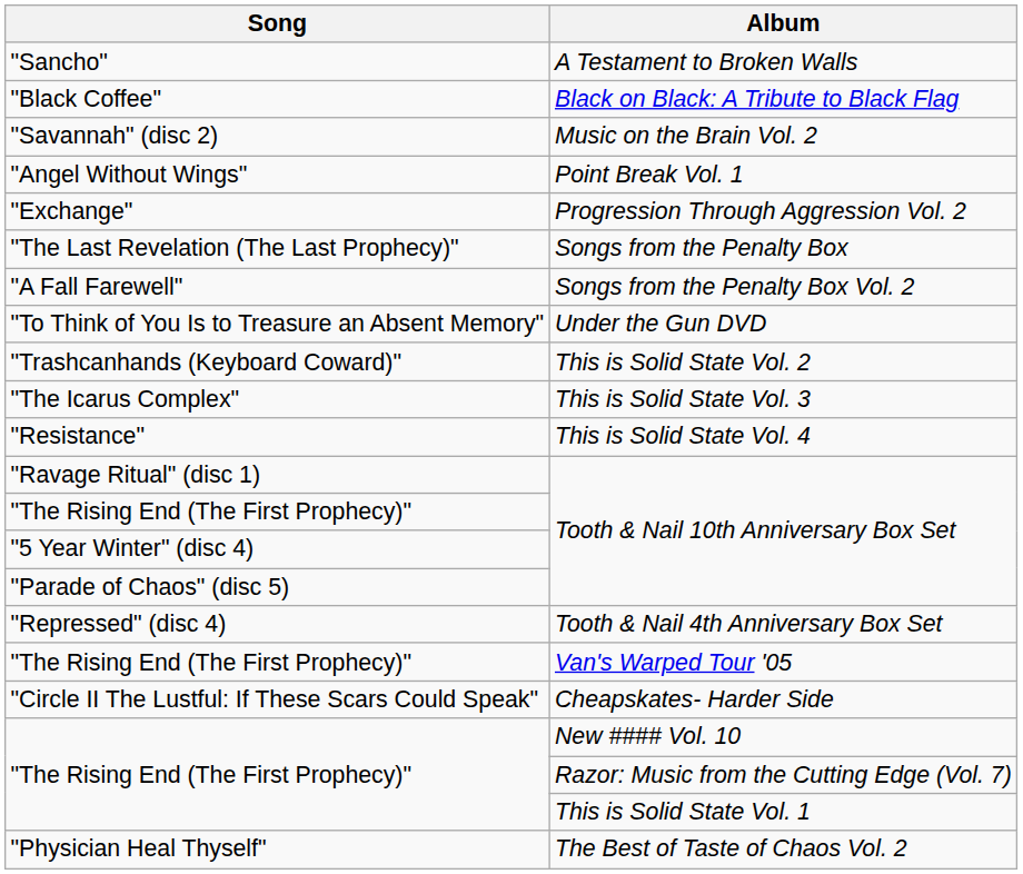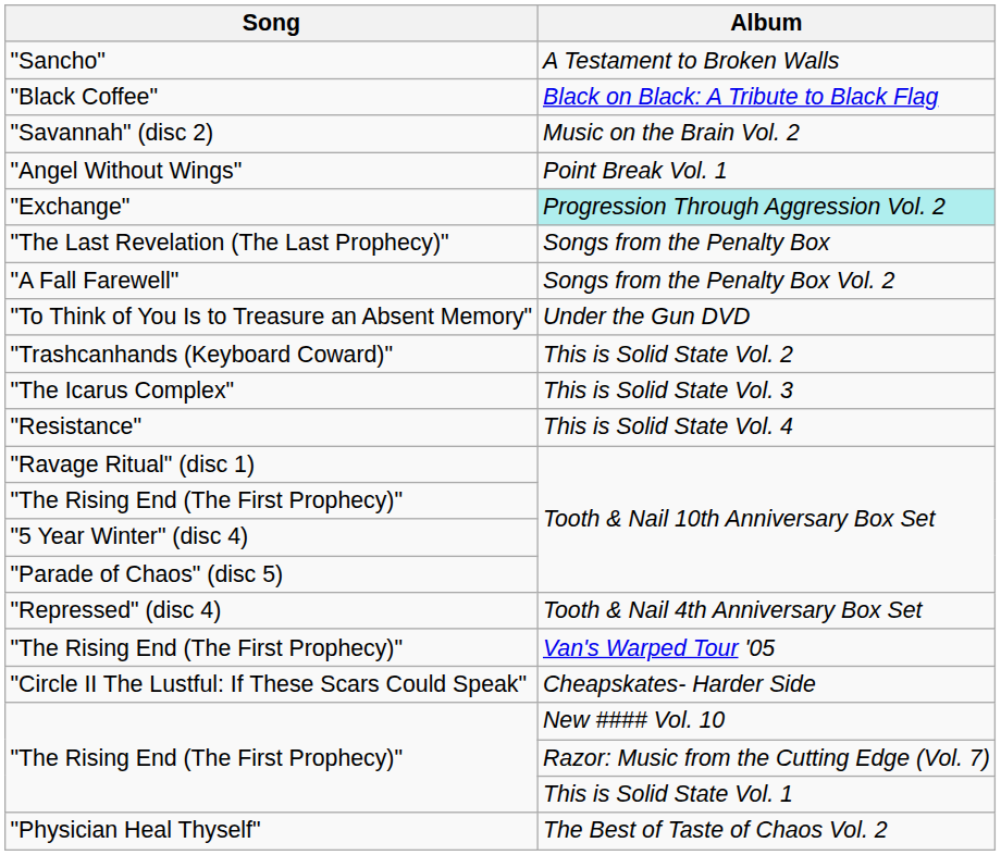 <table class=wikitable>
 <tr>
 <th>Song</th>
 <th>Album</th>
 </tr>
 <tr>
 <td>"Sancho"</td>
 <td><em>A Testament to Broken Walls</em></td>
 </tr>
 <tr>
 <td>"Black Coffee"</td>
 <td><em><a href='#'>Black on Black: A Tribute to Black Flag</a></em></td>
 </tr>
 <tr>
 <td>"Savannah" (disc 2)</td>
 <td><em>Music on the Brain Vol. 2</em></td>
 </tr>
 <tr>
 <td>"Angel Without Wings"</td>
 <td><em>Point Break Vol. 1</em></td>
 </tr>
 <tr>
 <td>"Exchange"</td>
-<td><em>Progression Through Aggression Vol. 2</em></td>
+<td style="background: paleturquoise;"><em>Progression Through Aggression Vol. 2</em></td>
 </tr>
 <tr>
 <td>"The Last Revelation (The Last Prophecy)"</td>
 <td><em>Songs from the Penalty Box</em></td>
 </tr>
 <tr>
 <td>"A Fall Farewell"</td>
 <td><em>Songs from the Penalty Box Vol. 2</em></td>
 </tr>
 <tr>
 <td>"To Think of You Is to Treasure an Absent Memory"</td>
 <td><em>Under the Gun DVD</em></td>
 </tr>
 <tr>
 <td>"Trashcanhands (Keyboard Coward)"</td>
 <td><em>This is Solid State Vol. 2</em></td>
 </tr>
 <tr>
 <td>"The Icarus Complex"</td>
 <td><em>This is Solid State Vol. 3</em></td>
 </tr>
 <tr>
 <td>"Resistance"</td>
 <td><em>This is Solid State Vol. 4</em></td>
 </tr>
 <tr>
 <td>"Ravage Ritual" (disc 1)</td>
 <td rowspan="4"><em>Tooth & Nail 10th Anniversary Box Set</em></td>
 </tr>
 <tr>
 <td>"The Rising End (The First Prophecy)"</td>
 </tr>
 <tr>
 <td>"5 Year Winter" (disc 4)</td>
 </tr>
 <tr>
 <td>"Parade of Chaos" (disc 5)</td>
 </tr>
 <tr>
 <td>"Repressed" (disc 4)</td>
 <td><em>Tooth & Nail 4th Anniversary Box Set</em></td>
 </tr>
 <tr>
 <td>"The Rising End (The First Prophecy)"</td>
 <td><em><a href='#'>Van's Warped Tour</a> '05</em></td>
 </tr>
 <tr>
 <td>"Circle II The Lustful: If These Scars Could Speak"</td>
 <td><em>Cheapskates- Harder Side</em></td>
 </tr>
 <tr>
 <td rowspan="3">"The Rising End (The First Prophecy)"</td>
 <td><em>New #### Vol. 10</em></td>
 </tr>
 <tr>
 <td><em>Razor: Music from the Cutting Edge (Vol. 7)</em></td>
 </tr>
 <tr>
 <td><em>This is Solid State Vol. 1</em></td>
 </tr>
 <tr>
 <td>"Physician Heal Thyself"</td>
 <td><em>The Best of Taste of Chaos Vol. 2</em></td>
 </tr>
 </table>
